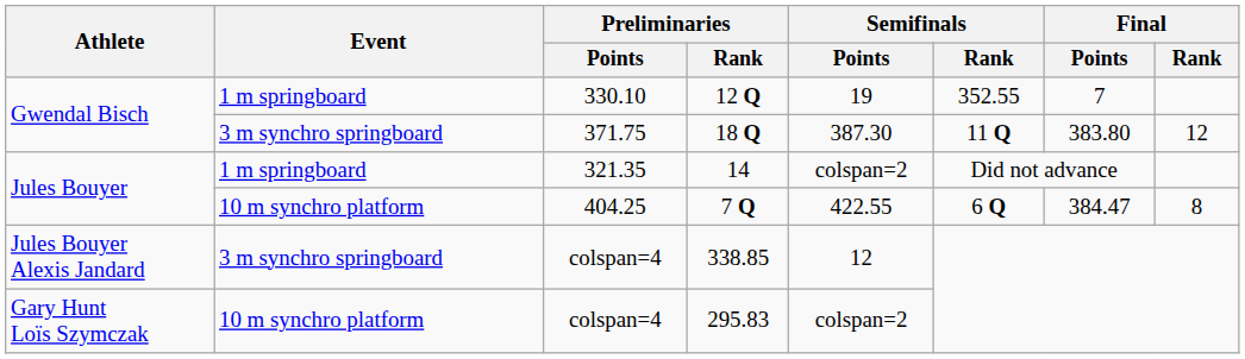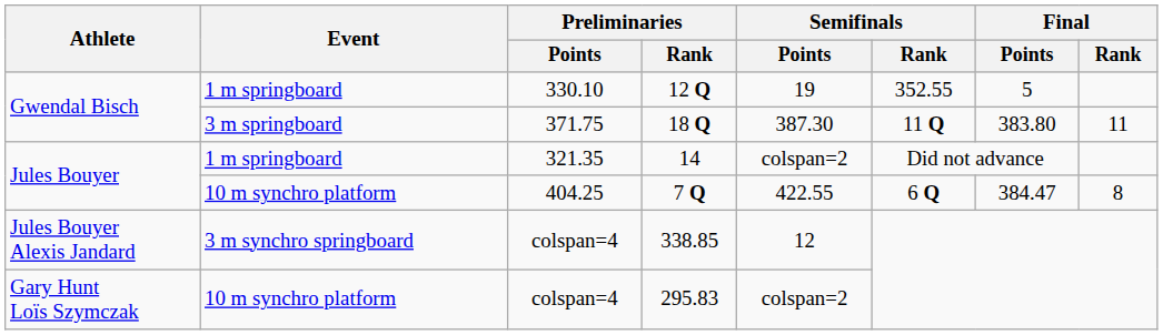 <table class="wikitable" style="text-align:center; font-size:90%; width:50%;">
 <tr>
 <th rowspan=2>Athlete</th>
 <th rowspan=2>Event</th>
 <th colspan=2>Preliminaries</th>
 <th colspan=2>Semifinals</th>
 <th colspan=2>Final</th>
 </tr>
 <tr style="font-size:95%">
 <th>Points</th>
 <th>Rank</th>
 <th>Points</th>
 <th>Rank</th>
 <th>Points</th>
 <th>Rank</th>
 </tr>
 <tr>
 <td align=left rowspan=2><a href='#'>Gwendal Bisch</a></td>
 <td align=left><a href='#'>1 m springboard</a></td>
 <td>330.10</td>
 <td>12 <strong>Q</strong></td>
 <td>19</td>
 <td>352.55</td>
-<td>7</td>
+<td>5</td>
 </tr>
 <tr>
-<td align=left><a href='#'>3 m synchro springboard</a></td>
+<td align=left><a href='#'>3 m springboard</a></td>
 <td>371.75</td>
 <td>18 <strong>Q</strong></td>
 <td>387.30</td>
 <td>11 <strong>Q</strong></td>
 <td>383.80</td>
-<td>12</td>
+<td>11</td>
 </tr>
 <tr>
 <td align=left rowspan=2><a href='#'>Jules Bouyer</a></td>
 <td align=left><a href='#'>1 m springboard</a></td>
 <td>321.35</td>
 <td>14</td>
 <td>colspan=2 </td>
 <td colspan=2>Did not advance</td>
 </tr>
 <tr>
 <td align=left><a href='#'>10 m synchro platform</a></td>
 <td>404.25</td>
 <td>7 <strong>Q</strong></td>
 <td>422.55</td>
 <td>6 <strong>Q</strong></td>
 <td>384.47</td>
 <td>8</td>
 </tr>
 <tr>
 <td align=left><a href='#'>Jules Bouyer</a><br> <a href='#'>Alexis Jandard</a></td>
 <td align=left><a href='#'>3 m synchro springboard</a></td>
 <td>colspan=4 </td>
 <td>338.85</td>
 <td>12</td>
 </tr>
 <tr>
 <td align=left><a href='#'>Gary Hunt</a><br> <a href='#'>Loïs Szymczak</a></td>
 <td align=left><a href='#'>10 m synchro platform</a></td>
 <td>colspan=4 </td>
 <td>295.83</td>
 <td>colspan=2 </td>
 </tr>
 </table>
